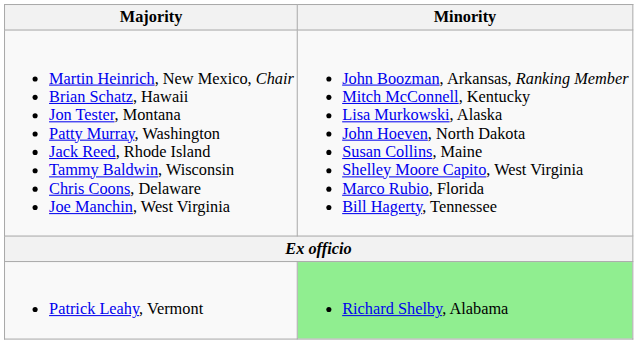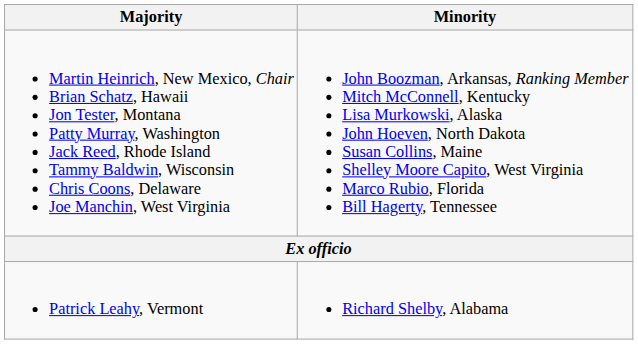 <table class=wikitable>
 <tr>
 <th>Majority</th>
 <th>Minority</th>
 </tr>
 <tr>
 <td><br><ul><li><a href='#'>Martin Heinrich</a>, New Mexico, <em>Chair</em></li><li><a href='#'>Brian Schatz</a>, Hawaii</li><li><a href='#'>Jon Tester</a>, Montana</li><li><a href='#'>Patty Murray</a>, Washington</li><li><a href='#'>Jack Reed</a>, Rhode Island</li><li><a href='#'>Tammy Baldwin</a>, Wisconsin</li><li><a href='#'>Chris Coons</a>, Delaware</li><li><a href='#'>Joe Manchin</a>, West Virginia</li></ul></td>
 <td><br><ul><li><a href='#'>John Boozman</a>, Arkansas, <em>Ranking Member</em></li><li><a href='#'>Mitch McConnell</a>, Kentucky</li><li><a href='#'>Lisa Murkowski</a>, Alaska</li><li><a href='#'>John Hoeven</a>, North Dakota</li><li><a href='#'>Susan Collins</a>, Maine</li><li><a href='#'>Shelley Moore Capito</a>, West Virginia</li><li><a href='#'>Marco Rubio</a>, Florida</li><li><a href='#'>Bill Hagerty</a>, Tennessee</li></ul></td>
 </tr>
 <tr>
 <th colspan=2 align=center><em>Ex officio</em></th>
 </tr>
 <tr>
 <td><br><ul><li><a href='#'>Patrick Leahy</a>, Vermont</li></ul></td>
-<td style="background: lightgreen;"><br><ul><li><a href='#'>Richard Shelby</a>, Alabama</li></ul></td>
+<td><br><ul><li><a href='#'>Richard Shelby</a>, Alabama</li></ul></td>
 </tr>
 </table>
